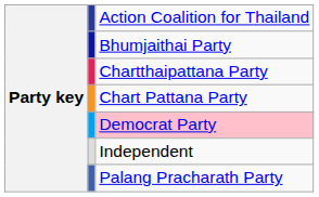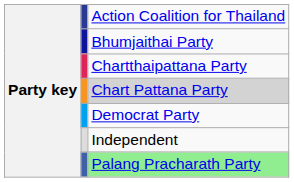 <table class=wikitable>
 <tr>
 <th rowspan="7">Party key</th>
 <td style="background:#2A3994"></td>
 <td><a href='#'>Action Coalition for Thailand</a></td>
 </tr>
 <tr>
 <td style="background:#0F1599"></td>
 <td><a href='#'>Bhumjaithai Party</a></td>
 </tr>
 <tr>
 <td style="background:#DE2559"></td>
 <td><a href='#'>Chartthaipattana Party</a></td>
 </tr>
 <tr>
 <td style="background:#F69520"></td>
-<td><a href='#'>Chart Pattana Party</a></td>
+<td style="background: lightgrey;"><a href='#'>Chart Pattana Party</a></td>
 </tr>
 <tr>
 <td style="background:#00A1F1"></td>
-<td style="background: pink;"><a href='#'>Democrat Party</a></td>
+<td><a href='#'>Democrat Party</a></td>
 </tr>
 <tr>
 <td style="background:#DDDDDD"></td>
 <td>Independent</td>
 </tr>
 <tr>
 <td style="background:#4061A6"></td>
-<td><a href='#'>Palang Pracharath Party</a></td>
+<td style="background: lightgreen;"><a href='#'>Palang Pracharath Party</a></td>
 </tr>
 </table>
